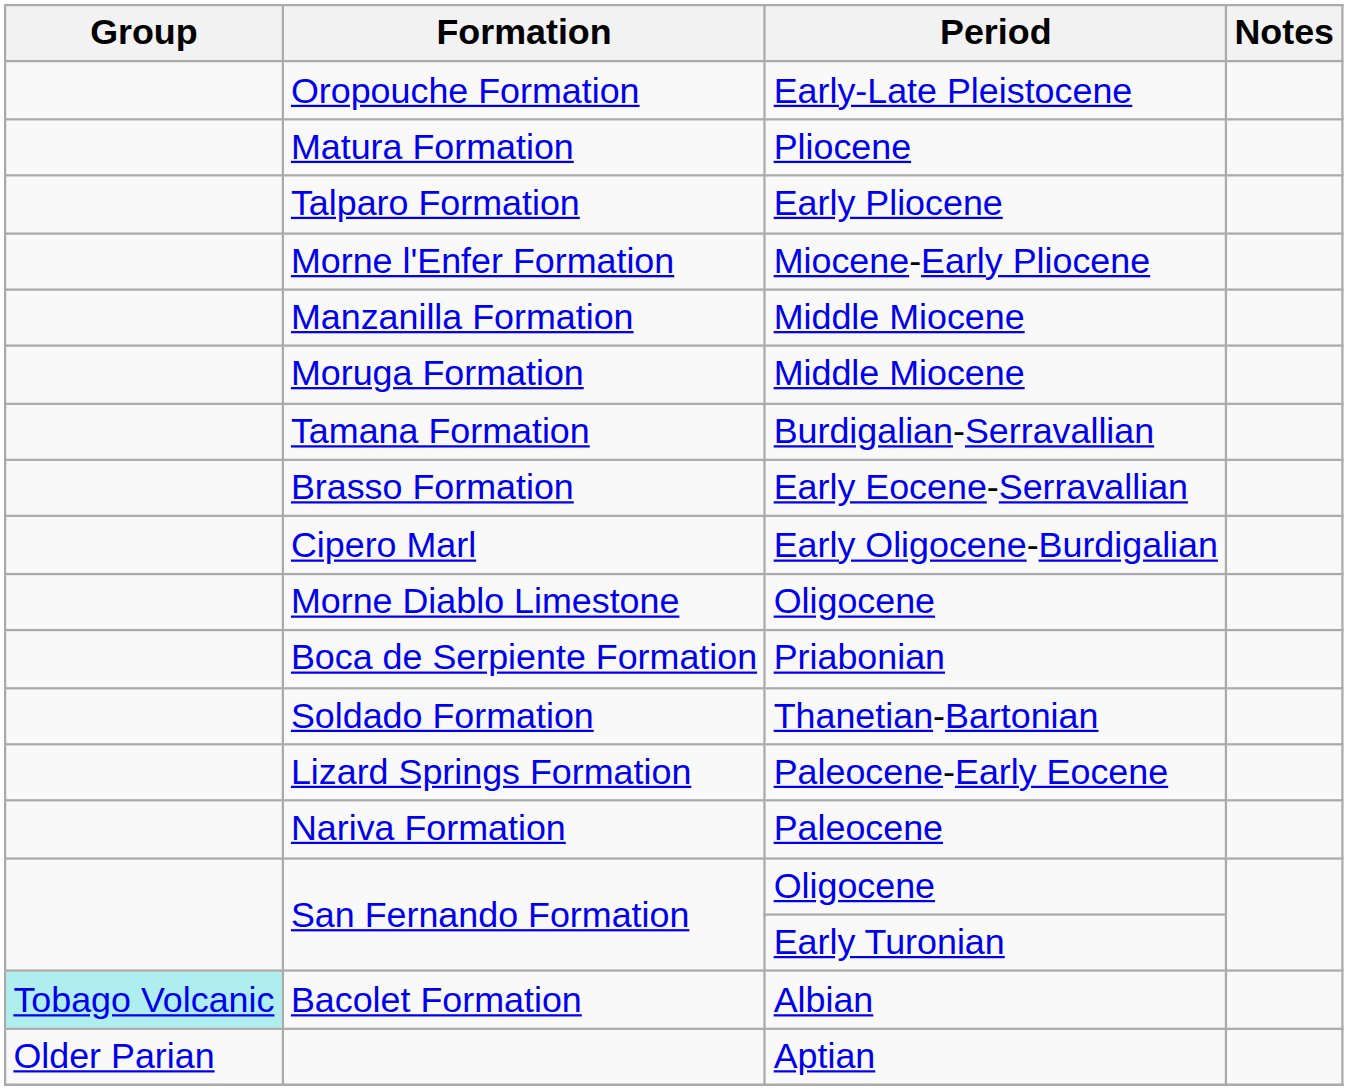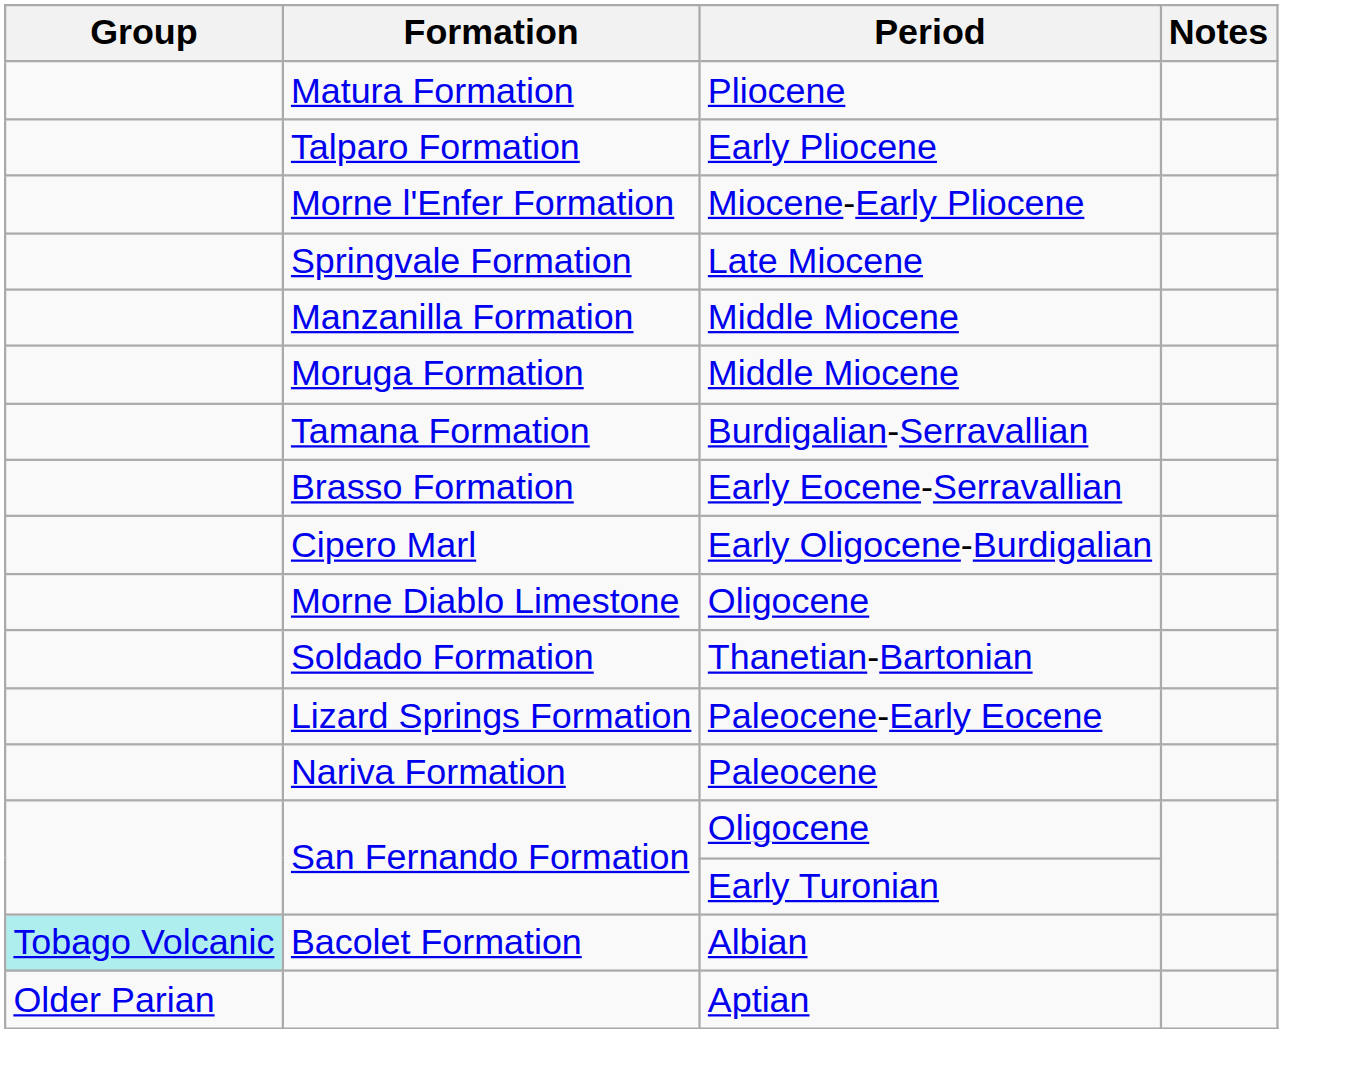 <table class="wikitable sortable">
 <tr>
 <th>Group</th>
 <th>Formation</th>
 <th>Period</th>
 <th class="unsortable">Notes</th>
-</tr>
-<tr>
-<td></td>
-<td><a href='#'>Oropouche Formation</a></td>
-<td style="background-color: "><a href='#'>Early-Late Pleistocene</a></td>
-<td align=center></td>
 </tr>
 <tr>
 <td></td>
 <td><a href='#'>Matura Formation</a></td>
 <td style="background-color: "><a href='#'>Pliocene</a></td>
 <td align=center></td>
 </tr>
 <tr>
 <td></td>
 <td><a href='#'>Talparo Formation</a></td>
 <td style="background-color: "><a href='#'>Early Pliocene</a></td>
 <td align=center></td>
 </tr>
 <tr>
 <td></td>
 <td><a href='#'>Morne l'Enfer Formation</a></td>
 <td style="background-color: "><a href='#'>Miocene</a>-<a href='#'>Early Pliocene</a></td>
+<td align=center></td>
+</tr>
+<tr>
+<td></td>
+<td><a href='#'>Springvale Formation</a></td>
+<td style="background-color: "><a href='#'>Late Miocene</a></td>
 <td align=center></td>
 </tr>
 <tr>
 <td></td>
 <td><a href='#'>Manzanilla Formation</a></td>
 <td style="background-color: "><a href='#'>Middle Miocene</a></td>
 <td align=center></td>
 </tr>
 <tr>
 <td></td>
 <td><a href='#'>Moruga Formation</a></td>
 <td style="background-color: "><a href='#'>Middle Miocene</a></td>
 <td align=center></td>
 </tr>
 <tr>
 <td></td>
 <td><a href='#'>Tamana Formation</a></td>
 <td style="background-color: "><a href='#'>Burdigalian</a>-<a href='#'>Serravallian</a></td>
 <td align=center></td>
 </tr>
 <tr>
 <td></td>
 <td><a href='#'>Brasso Formation</a></td>
 <td style="background-color: "><a href='#'>Early Eocene</a>-<a href='#'>Serravallian</a></td>
 <td align=center></td>
 </tr>
 <tr>
 <td></td>
 <td><a href='#'>Cipero Marl</a></td>
 <td style="background-color: "><a href='#'>Early Oligocene</a>-<a href='#'>Burdigalian</a></td>
 <td align=center></td>
 </tr>
 <tr>
 <td></td>
 <td><a href='#'>Morne Diablo Limestone</a></td>
 <td style="background-color: "><a href='#'>Oligocene</a></td>
-<td align=center></td>
-</tr>
-<tr>
-<td></td>
-<td><a href='#'>Boca de Serpiente Formation</a></td>
-<td style="background-color: "><a href='#'>Priabonian</a></td>
 <td align=center></td>
 </tr>
 <tr>
 <td></td>
 <td><a href='#'>Soldado Formation</a></td>
 <td style="background-color: "><a href='#'>Thanetian</a>-<a href='#'>Bartonian</a></td>
 <td align=center></td>
 </tr>
 <tr>
 <td></td>
 <td><a href='#'>Lizard Springs Formation</a></td>
 <td style="background-color: "><a href='#'>Paleocene</a>-<a href='#'>Early Eocene</a></td>
 <td align=center></td>
 </tr>
 <tr>
 <td></td>
 <td><a href='#'>Nariva Formation</a></td>
 <td style="background-color: "><a href='#'>Paleocene</a></td>
 <td align=center></td>
 </tr>
 <tr>
 <td rowspan=2></td>
 <td rowspan=2><a href='#'>San Fernando Formation</a></td>
 <td style="background-color: "><a href='#'>Oligocene</a></td>
 <td align=center rowspan=2></td>
 </tr>
 <tr>
 <td style="background-color: "><a href='#'>Early Turonian</a></td>
 </tr>
 <tr>
 <td style="background: paleturquoise;"><a href='#'>Tobago Volcanic</a></td>
 <td><a href='#'>Bacolet Formation</a></td>
 <td style="background-color: "><a href='#'>Albian</a></td>
 <td align=center></td>
 </tr>
 <tr>
 <td><a href='#'>Older Parian</a></td>
 <td></td>
 <td style="background-color: "><a href='#'>Aptian</a></td>
 <td align=center></td>
 </tr>
 <tr>
 </tr>
 </table>
